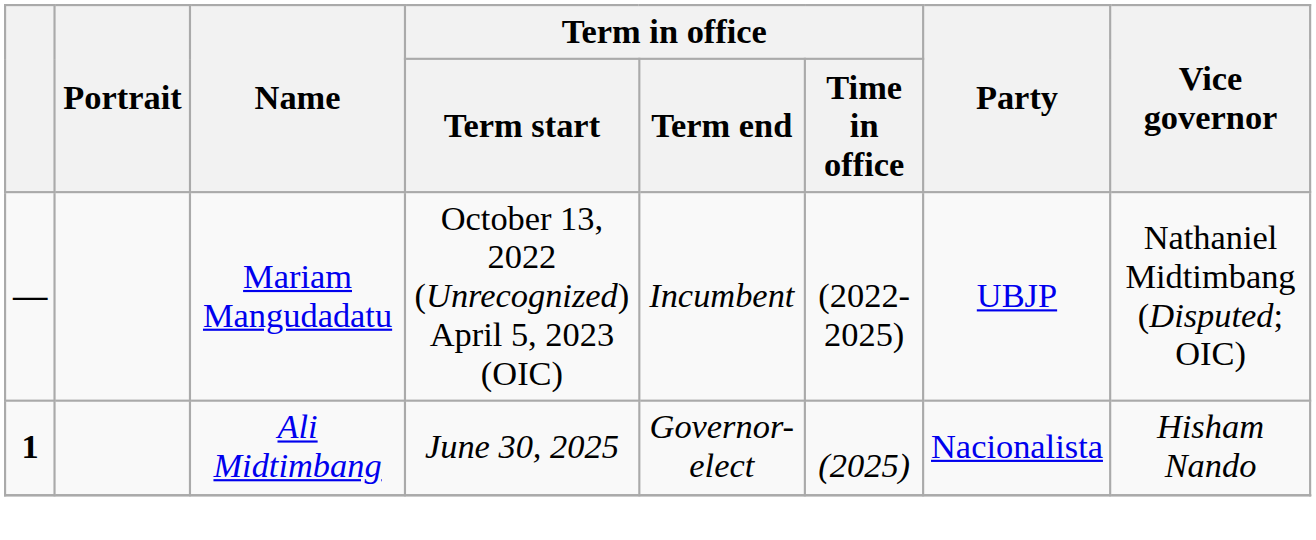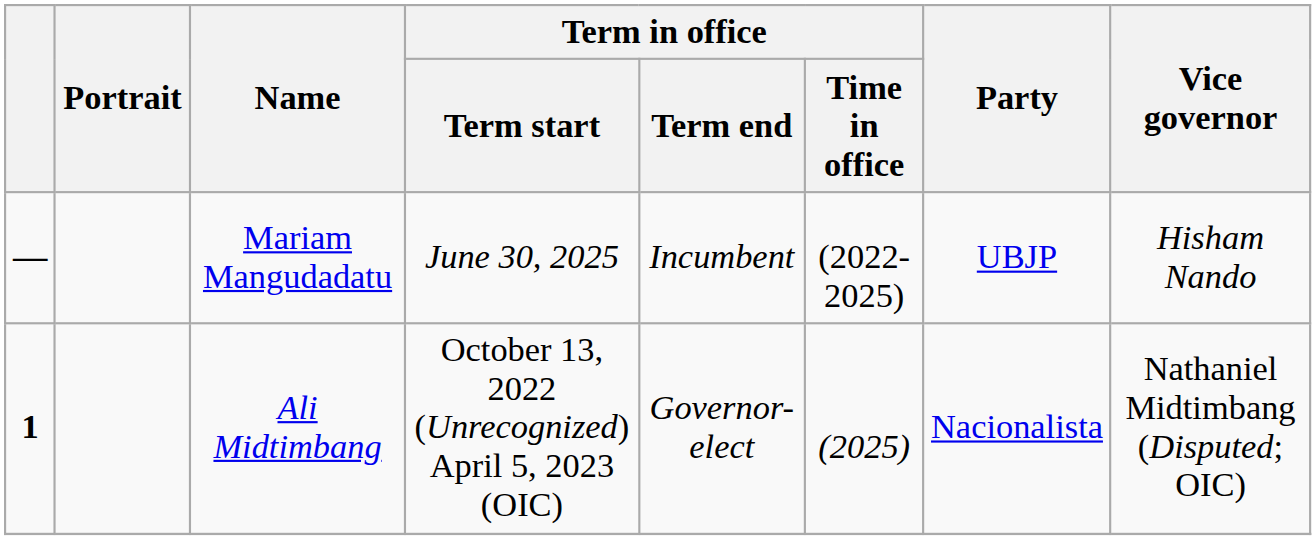 <table class="wikitable" style="text-align:center">
 <tr>
 <th rowspan="2"></th>
 <th rowspan="2">Portrait</th>
 <th rowspan="2">Name</th>
 <th colspan="3">Term in office</th>
 <th rowspan="2">Party</th>
 <th rowspan="2">Vice governor</th>
 </tr>
 <tr>
 <th>Term start</th>
 <th>Term end</th>
 <th>Time in office</th>
 </tr>
 <tr>
 <td style="background:"><strong>—</strong></td>
 <td></td>
 <td><a href='#'>Mariam Mangudadatu</a></td>
-<td>October 13, 2022<br>(<em>Unrecognized</em>)<br>April 5, 2023<br>(OIC)</td>
+<td><em>June 30, 2025</em></td>
 <td><em>Incumbent</em></td>
 <td> <br>(2022-2025)</td>
 <td><a href='#'>UBJP</a></td>
-<td>Nathaniel Midtimbang <br>(<em>Disputed</em>; OIC)</td>
+<td><em>Hisham Nando</em></td>
 </tr>
 <tr>
 <td style="background:"><strong>1</strong></td>
 <td></td>
 <td><em><a href='#'>Ali Midtimbang</a></em></td>
-<td><em>June 30, 2025</em></td>
+<td>October 13, 2022<br>(<em>Unrecognized</em>)<br>April 5, 2023<br>(OIC)</td>
 <td><em>Governor-elect</em></td>
 <td><em></em><br><em>(2025)</em></td>
 <td><a href='#'>Nacionalista</a></td>
-<td><em>Hisham Nando</em></td>
+<td>Nathaniel Midtimbang <br>(<em>Disputed</em>; OIC)</td>
 </tr>
 <tr>
 </tr>
 </table>
